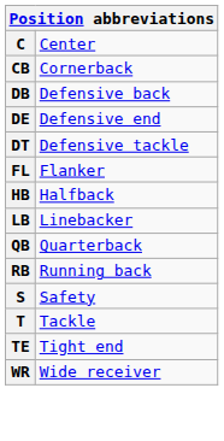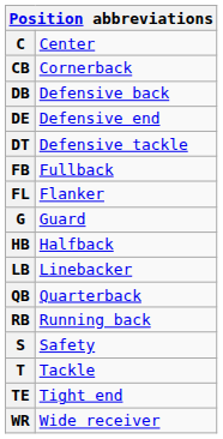 <table class="wikitable mw-collapsible mw-collapsed">
 <tr>
 <th scope="colgroup" colspan="2"><a href='#'>Position</a> abbreviations</th>
 </tr>
 <tr>
 <th scope="row">C</th>
 <td><a href='#'>Center</a></td>
 </tr>
 <tr>
 <th scope="row">CB</th>
 <td><a href='#'>Cornerback</a></td>
 </tr>
 <tr>
 <th scope="row">DB</th>
 <td><a href='#'>Defensive back</a></td>
 </tr>
 <tr>
 <th scope="row">DE</th>
 <td><a href='#'>Defensive end</a></td>
 </tr>
 <tr>
 <th scope="row">DT</th>
 <td><a href='#'>Defensive tackle</a></td>
 </tr>
 <tr>
+<th scope="row">FB</th>
+<td><a href='#'>Fullback</a></td>
+</tr>
+<tr>
 <th scope="row">FL</th>
 <td><a href='#'>Flanker</a></td>
+</tr>
+<tr>
+<th scope="row">G</th>
+<td><a href='#'>Guard</a></td>
 </tr>
 <tr>
 <th scope="row">HB</th>
 <td><a href='#'>Halfback</a></td>
 </tr>
 <tr>
 <th scope="row">LB</th>
 <td><a href='#'>Linebacker</a></td>
 </tr>
 <tr>
 <th scope="row">QB</th>
 <td><a href='#'>Quarterback</a></td>
 </tr>
 <tr>
 <th scope="row">RB</th>
 <td><a href='#'>Running back</a></td>
 </tr>
 <tr>
 <th scope="row">S</th>
 <td><a href='#'>Safety</a></td>
 </tr>
 <tr>
 <th scope="row">T</th>
 <td><a href='#'>Tackle</a></td>
 </tr>
 <tr>
 <th scope="row">TE</th>
 <td><a href='#'>Tight end</a></td>
 </tr>
 <tr>
 <th scope="row">WR</th>
 <td><a href='#'>Wide receiver</a></td>
 </tr>
 </table>
